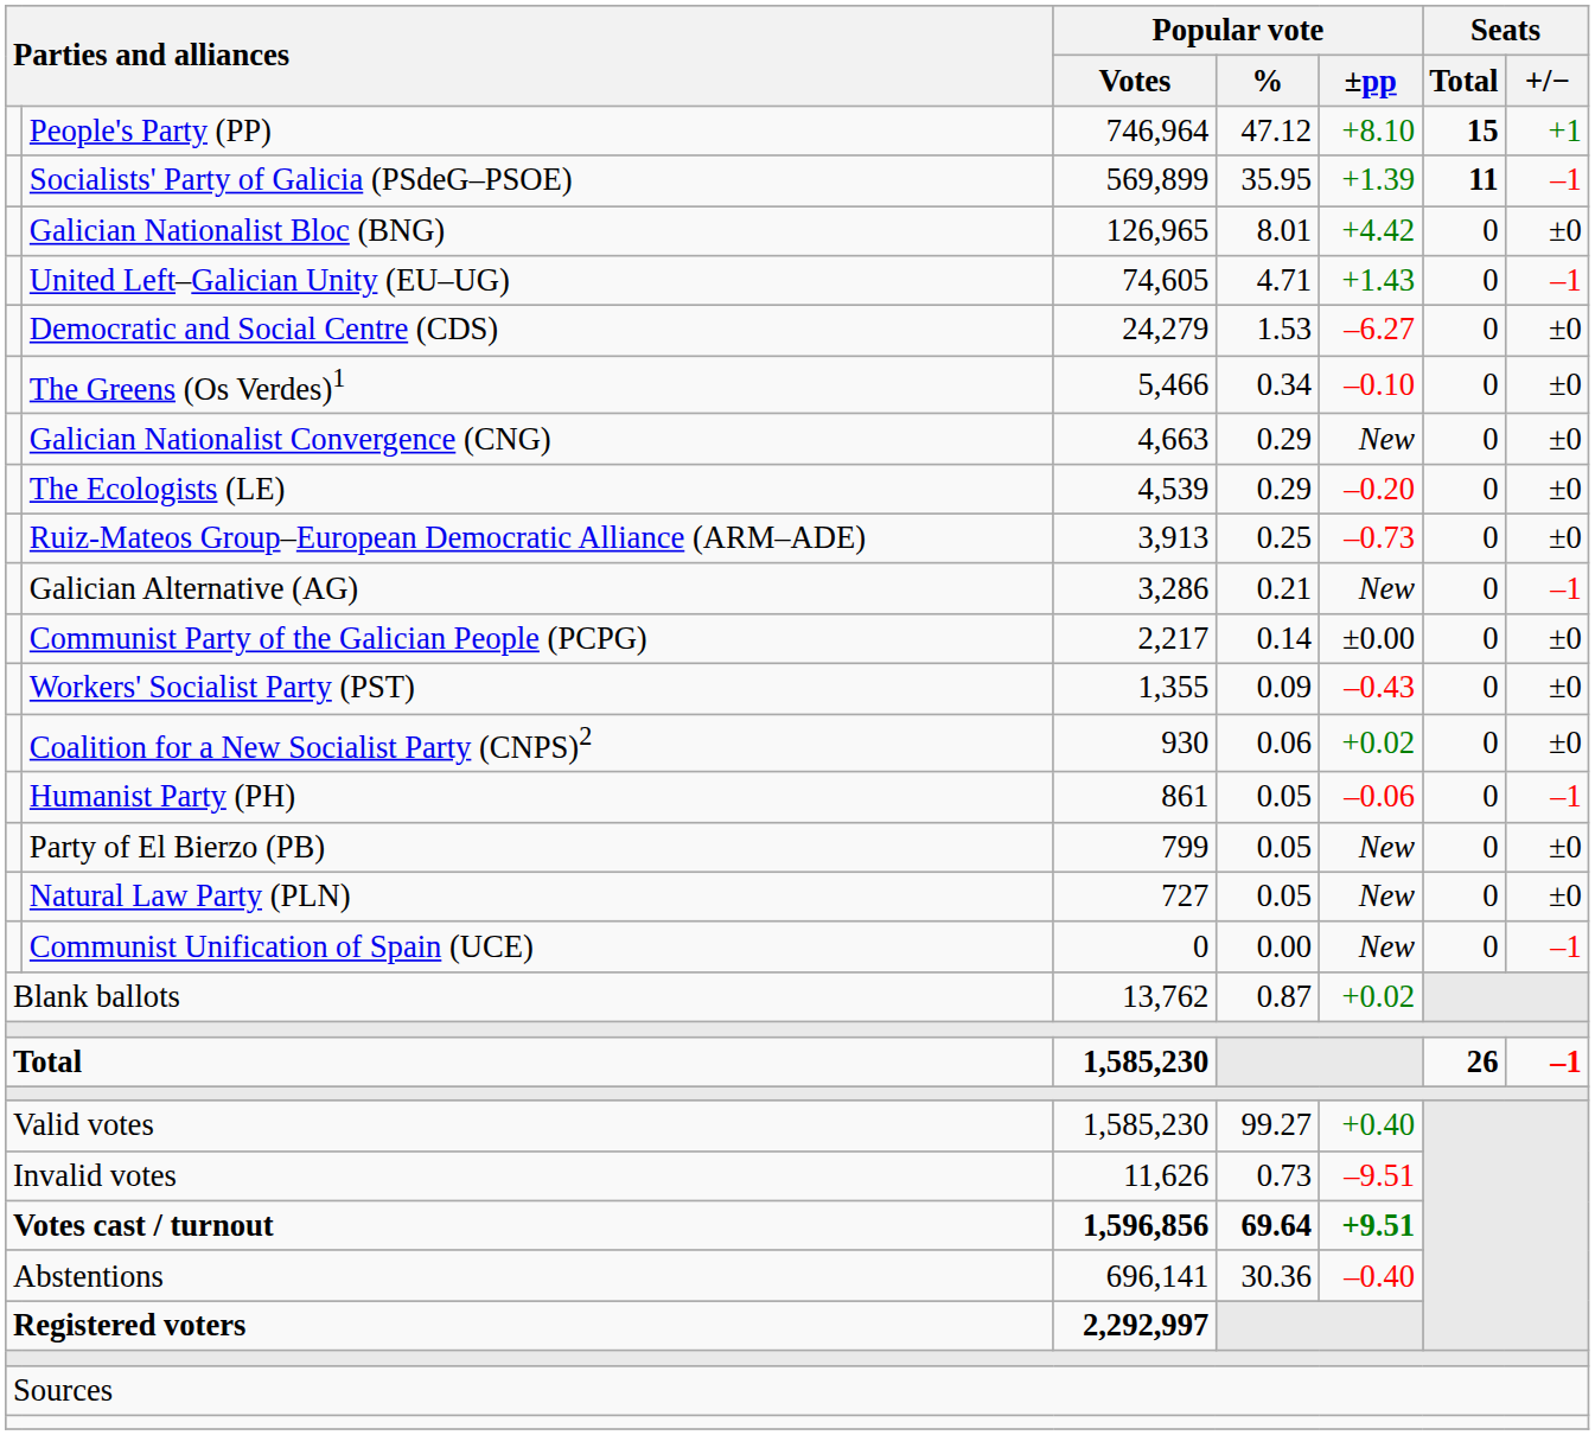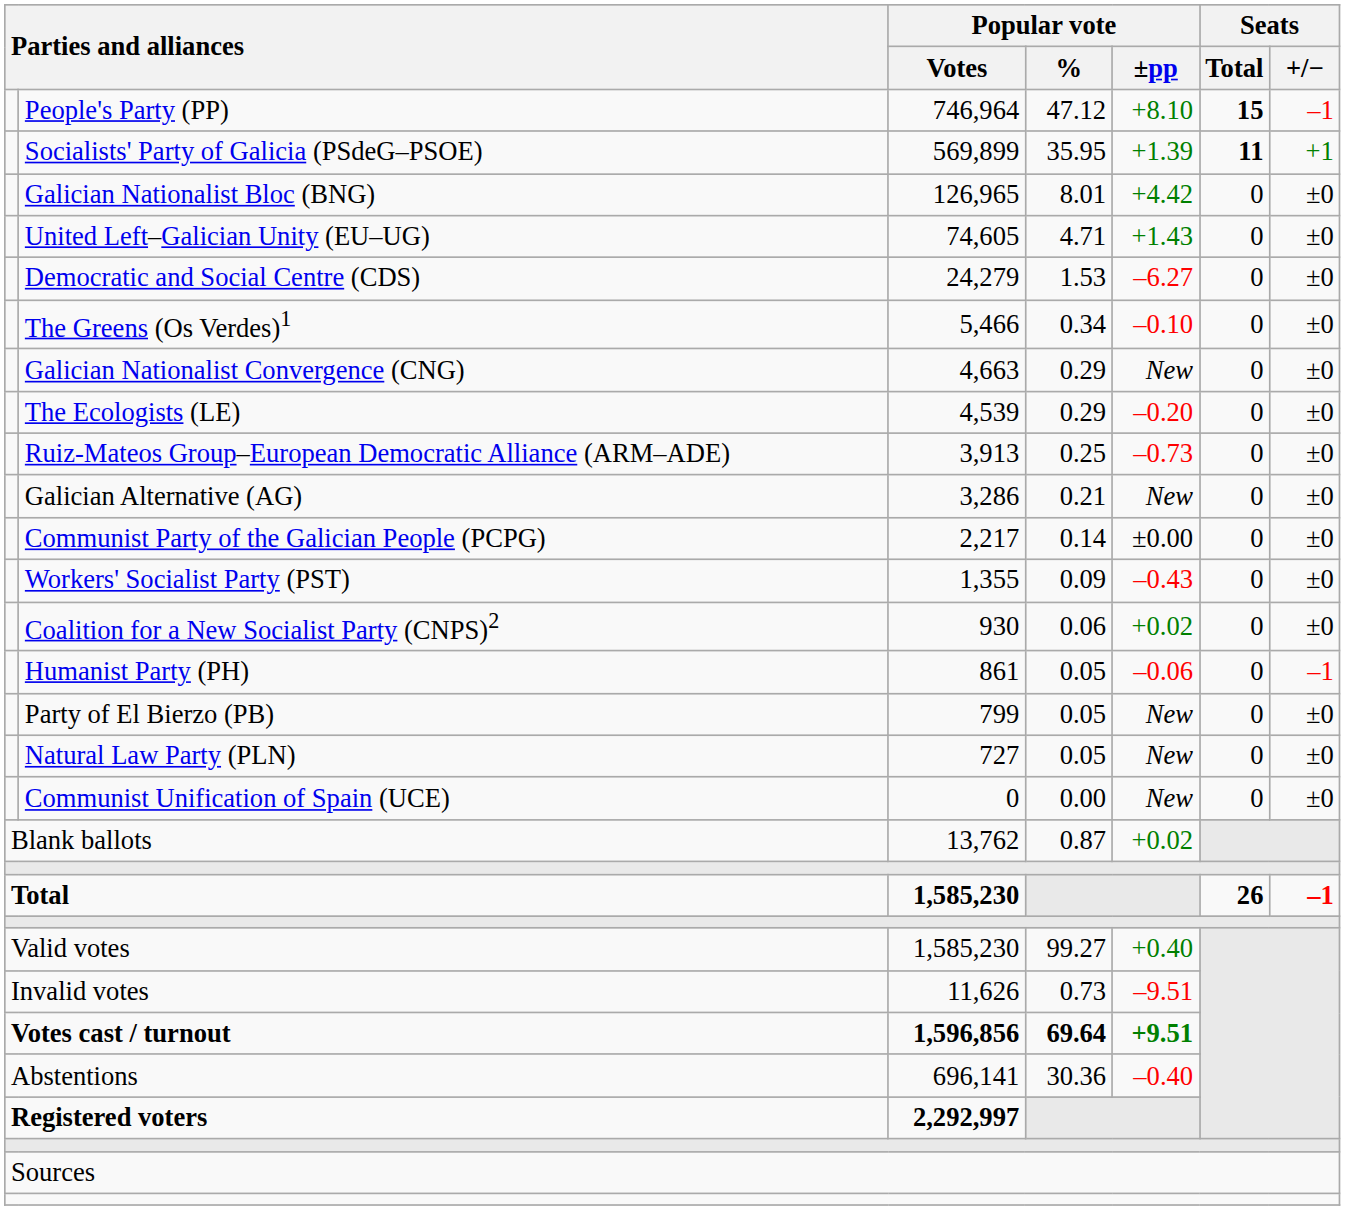 <table class="wikitable" style="text-align:right;">
 <tr>
 <th style="text-align:left;" rowspan="2" colspan="2" width="525">Parties and alliances</th>
 <th colspan="3">Popular vote</th>
 <th colspan="2">Seats</th>
 </tr>
 <tr>
 <th width="75">Votes</th>
 <th width="45">%</th>
 <th width="45">±<a href='#'>pp</a></th>
 <th width="35">Total</th>
 <th width="35">+/−</th>
 </tr>
 <tr>
 <td width="1" style="color:inherit;background:"></td>
 <td align="left"><a href='#'>People's Party</a> (PP)</td>
 <td>746,964</td>
 <td>47.12</td>
 <td style="color:green;">+8.10</td>
 <td><strong>15</strong></td>
-<td style="color:green;">+1</td>
+<td style="color:red;">–1</td>
 </tr>
 <tr>
 <td style="color:inherit;background:"></td>
 <td align="left"><a href='#'>Socialists' Party of Galicia</a> (PSdeG–PSOE)</td>
 <td>569,899</td>
 <td>35.95</td>
 <td style="color:green;">+1.39</td>
 <td><strong>11</strong></td>
-<td style="color:red;">–1</td>
+<td style="color:green;">+1</td>
 </tr>
 <tr>
 <td style="color:inherit;background:"></td>
 <td align="left"><a href='#'>Galician Nationalist Bloc</a> (BNG)</td>
 <td>126,965</td>
 <td>8.01</td>
 <td style="color:green;">+4.42</td>
 <td>0</td>
 <td>±0</td>
 </tr>
 <tr>
 <td style="color:inherit;background:"></td>
 <td align="left"><a href='#'>United Left</a>–<a href='#'>Galician Unity</a> (EU–UG)</td>
 <td>74,605</td>
 <td>4.71</td>
 <td style="color:green;">+1.43</td>
 <td>0</td>
-<td style="color:red;">–1</td>
+<td>±0</td>
 </tr>
 <tr>
 <td style="color:inherit;background:"></td>
 <td align="left"><a href='#'>Democratic and Social Centre</a> (CDS)</td>
 <td>24,279</td>
 <td>1.53</td>
 <td style="color:red;">–6.27</td>
 <td>0</td>
 <td>±0</td>
 </tr>
 <tr>
 <td style="color:inherit;background:"></td>
 <td align="left"><a href='#'>The Greens</a> (Os Verdes)<sup>1</sup></td>
 <td>5,466</td>
 <td>0.34</td>
 <td style="color:red;">–0.10</td>
 <td>0</td>
 <td>±0</td>
 </tr>
 <tr>
 <td style="color:inherit;background:"></td>
 <td align="left"><a href='#'>Galician Nationalist Convergence</a> (CNG)</td>
 <td>4,663</td>
 <td>0.29</td>
 <td><em>New</em></td>
 <td>0</td>
 <td>±0</td>
 </tr>
 <tr>
 <td style="color:inherit;background:"></td>
 <td align="left"><a href='#'>The Ecologists</a> (LE)</td>
 <td>4,539</td>
 <td>0.29</td>
 <td style="color:red;">–0.20</td>
 <td>0</td>
 <td>±0</td>
 </tr>
 <tr>
 <td style="color:inherit;background:"></td>
 <td align="left"><a href='#'>Ruiz-Mateos Group</a>–<a href='#'>European Democratic Alliance</a> (ARM–ADE)</td>
 <td>3,913</td>
 <td>0.25</td>
 <td style="color:red;">–0.73</td>
 <td>0</td>
 <td>±0</td>
 </tr>
 <tr>
 <td style="color:inherit;background:"></td>
 <td align="left">Galician Alternative (AG)</td>
 <td>3,286</td>
 <td>0.21</td>
 <td><em>New</em></td>
 <td>0</td>
-<td style="color:red;">–1</td>
+<td>±0</td>
 </tr>
 <tr>
 <td style="color:inherit;background:"></td>
 <td align="left"><a href='#'>Communist Party of the Galician People</a> (PCPG)</td>
 <td>2,217</td>
 <td>0.14</td>
 <td>±0.00</td>
 <td>0</td>
 <td>±0</td>
 </tr>
 <tr>
 <td style="color:inherit;background:"></td>
 <td align="left"><a href='#'>Workers' Socialist Party</a> (PST)</td>
 <td>1,355</td>
 <td>0.09</td>
 <td style="color:red;">–0.43</td>
 <td>0</td>
 <td>±0</td>
 </tr>
 <tr>
 <td style="color:inherit;background:"></td>
 <td align="left"><a href='#'>Coalition for a New Socialist Party</a> (CNPS)<sup>2</sup></td>
 <td>930</td>
 <td>0.06</td>
 <td style="color:green;">+0.02</td>
 <td>0</td>
 <td>±0</td>
 </tr>
 <tr>
 <td style="color:inherit;background:"></td>
 <td align="left"><a href='#'>Humanist Party</a> (PH)</td>
 <td>861</td>
 <td>0.05</td>
 <td style="color:red;">–0.06</td>
 <td>0</td>
 <td style="color:red;">–1</td>
 </tr>
 <tr>
 <td style="color:inherit;background:"></td>
 <td align="left">Party of El Bierzo (PB)</td>
 <td>799</td>
 <td>0.05</td>
 <td><em>New</em></td>
 <td>0</td>
 <td>±0</td>
 </tr>
 <tr>
 <td style="color:inherit;background:"></td>
 <td align="left"><a href='#'>Natural Law Party</a> (PLN)</td>
 <td>727</td>
 <td>0.05</td>
 <td><em>New</em></td>
 <td>0</td>
 <td>±0</td>
 </tr>
 <tr>
 <td style="color:inherit;background:"></td>
 <td align="left"><a href='#'>Communist Unification of Spain</a> (UCE)</td>
 <td>0</td>
 <td>0.00</td>
 <td><em>New</em></td>
 <td>0</td>
-<td style="color:red;">–1</td>
+<td>±0</td>
 </tr>
 <tr>
 <td align="left" colspan="2">Blank ballots</td>
 <td>13,762</td>
 <td>0.87</td>
 <td style="color:green;">+0.02</td>
 <td bgcolor="#E9E9E9" colspan="2"></td>
 </tr>
 <tr>
 <td colspan="7" bgcolor="#E9E9E9"></td>
 </tr>
 <tr style="font-weight:bold;">
 <td align="left" colspan="2">Total</td>
 <td>1,585,230</td>
 <td bgcolor="#E9E9E9" colspan="2"></td>
 <td>26</td>
 <td style="color:red;">–1</td>
 </tr>
 <tr>
 <td colspan="7" bgcolor="#E9E9E9"></td>
 </tr>
 <tr>
 <td align="left" colspan="2">Valid votes</td>
 <td>1,585,230</td>
 <td>99.27</td>
 <td style="color:green;">+0.40</td>
 <td bgcolor="#E9E9E9" colspan="2" rowspan="5"></td>
 </tr>
 <tr>
 <td align="left" colspan="2">Invalid votes</td>
 <td>11,626</td>
 <td>0.73</td>
 <td style="color:red;">–9.51</td>
 </tr>
 <tr style="font-weight:bold;">
 <td align="left" colspan="2">Votes cast / turnout</td>
 <td>1,596,856</td>
 <td>69.64</td>
 <td style="color:green;">+9.51</td>
 </tr>
 <tr>
 <td align="left" colspan="2">Abstentions</td>
 <td>696,141</td>
 <td>30.36</td>
 <td style="color:red;">–0.40</td>
 </tr>
 <tr style="font-weight:bold;">
 <td align="left" colspan="2">Registered voters</td>
 <td>2,292,997</td>
 <td bgcolor="#E9E9E9" colspan="2"></td>
 </tr>
 <tr>
 <td colspan="7" bgcolor="#E9E9E9"></td>
 </tr>
 <tr>
 <td align="left" colspan="7">Sources</td>
 </tr>
 <tr>
 <td colspan="7" style="text-align:left; max-width:790px;"></td>
 </tr>
 </table>
